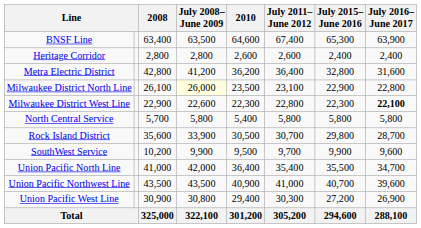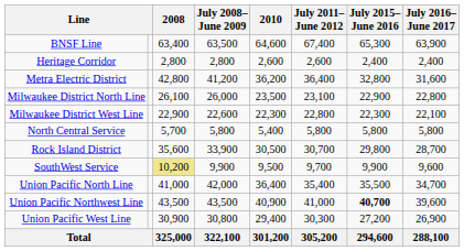 <table class="wikitable sortable" style="text-align:center">
 <tr>
 <th colspan=2>Line</th>
 <th>2008</th>
 <th>July 2008–<br>June 2009</th>
 <th>2010</th>
 <th>July 2011–<br>June 2012</th>
 <th>July 2015–<br>June 2016</th>
 <th>July 2016–<br>June 2017</th>
 </tr>
 <tr>
 <td><a href='#'>BNSF Line</a></td>
 <td style="background:#"></td>
 <td>63,400</td>
 <td>63,500</td>
 <td>64,600</td>
 <td>67,400</td>
 <td>65,300</td>
 <td>63,900</td>
 </tr>
 <tr>
 <td><a href='#'>Heritage Corridor</a></td>
 <td style="background:#"></td>
 <td>2,800</td>
 <td>2,800</td>
 <td>2,600</td>
 <td>2,600</td>
 <td>2,400</td>
 <td>2,400</td>
 </tr>
 <tr>
 <td><a href='#'>Metra Electric District</a></td>
 <td style="background:#"></td>
 <td>42,800</td>
 <td>41,200</td>
 <td>36,200</td>
 <td>36,400</td>
 <td>32,800</td>
 <td>31,600</td>
 </tr>
 <tr>
 <td><a href='#'>Milwaukee District North Line</a></td>
 <td style="background:#"></td>
 <td>26,100</td>
-<td style="background: lightyellow;">26,000</td>
+<td>26,000</td>
 <td>23,500</td>
 <td>23,100</td>
 <td>22,900</td>
 <td>22,800</td>
 </tr>
 <tr>
 <td><a href='#'>Milwaukee District West Line</a></td>
 <td style="background:#"></td>
 <td>22,900</td>
 <td>22,600</td>
 <td>22,300</td>
 <td>22,800</td>
 <td>22,300</td>
-<td><strong>22,100</strong></td>
+<td>22,100</td>
 </tr>
 <tr>
 <td><a href='#'>North Central Service</a></td>
 <td style="background:#"></td>
 <td>5,700</td>
 <td>5,800</td>
 <td>5,400</td>
 <td>5,800</td>
 <td>5,800</td>
 <td>5,800</td>
 </tr>
 <tr>
 <td><a href='#'>Rock Island District</a></td>
 <td style="background:#"></td>
 <td>35,600</td>
 <td>33,900</td>
 <td>30,500</td>
 <td>30,700</td>
 <td>29,800</td>
 <td>28,700</td>
 </tr>
 <tr>
 <td><a href='#'>SouthWest Service</a></td>
 <td style="background:#"></td>
-<td>10,200</td>
+<td style="background: khaki;">10,200</td>
 <td>9,900</td>
 <td>9,500</td>
 <td>9,700</td>
 <td>9,900</td>
 <td>9,600</td>
 </tr>
 <tr>
 <td><a href='#'>Union Pacific North Line</a></td>
 <td style="background:#"></td>
 <td>41,000</td>
 <td>42,000</td>
 <td>36,400</td>
 <td>35,400</td>
 <td>35,500</td>
 <td>34,700</td>
 </tr>
 <tr>
 <td><a href='#'>Union Pacific Northwest Line</a></td>
 <td style="background:#"></td>
 <td>43,500</td>
 <td>43,500</td>
 <td>40,900</td>
 <td>41,000</td>
-<td>40,700</td>
+<td><strong>40,700</strong></td>
 <td>39,600</td>
 </tr>
 <tr>
 <td><a href='#'>Union Pacific West Line</a></td>
 <td style="background:#"></td>
 <td>30,900</td>
 <td>30,800</td>
 <td>29,400</td>
 <td>30,300</td>
 <td>27,200</td>
 <td>26,900</td>
 </tr>
 <tr>
 <th colspan=2>Total</th>
 <th>325,000</th>
 <th>322,100</th>
 <th>301,200</th>
 <th>305,200</th>
 <th>294,600</th>
 <th>288,100</th>
 </tr>
 </table>
